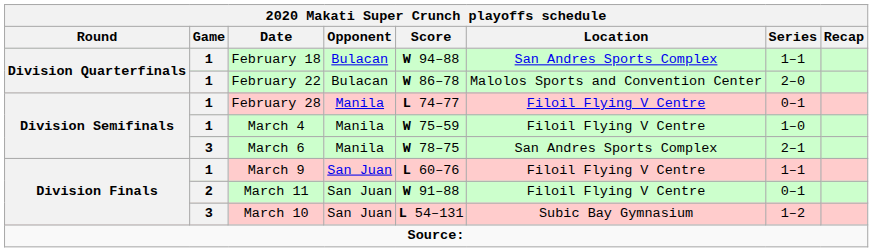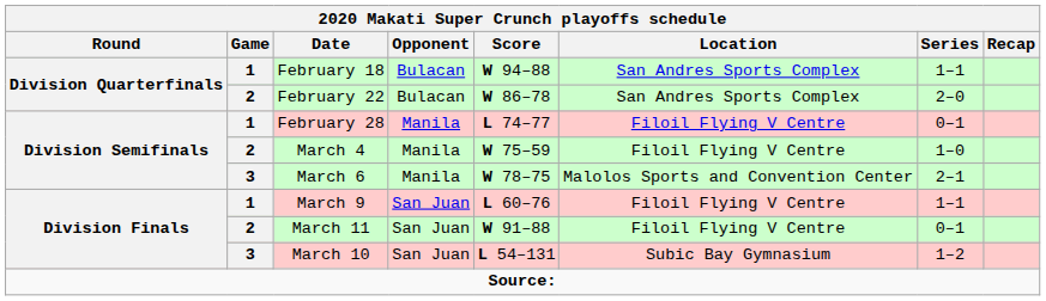 <table class="wikitable" style="text-align:center">
 <tr>
 <th colspan=8>2020 Makati Super Crunch playoffs schedule</th>
 </tr>
 <tr>
 <th>Round</th>
 <th>Game</th>
 <th>Date</th>
 <th>Opponent</th>
 <th>Score</th>
 <th>Location</th>
 <th>Series</th>
 <th>Recap<br></th>
 </tr>
 <tr style="background:#cfc">
 <th rowspan=2>Division Quarterfinals</th>
 <th>1</th>
 <td>February 18</td>
 <td><a href='#'>Bulacan</a></td>
 <td><strong>W</strong> 94–88</td>
 <td><a href='#'>San Andres Sports Complex</a></td>
 <td>1–1</td>
 <td></td>
 </tr>
 <tr style="background:#cfc">
-<th>1</th>
+<th>2</th>
 <td>February 22</td>
 <td>Bulacan</td>
 <td><strong>W</strong> 86–78</td>
-<td>Malolos Sports and Convention Center</td>
+<td>San Andres Sports Complex</td>
 <td>2–0</td>
 <td><br></td>
 </tr>
 <tr style="background:#fcc">
 <th rowspan=3>Division Semifinals</th>
 <th>1</th>
 <td>February 28</td>
 <td><a href='#'>Manila</a></td>
 <td><strong>L</strong> 74–77</td>
 <td><a href='#'>Filoil Flying V Centre</a></td>
 <td>0–1</td>
 <td></td>
 </tr>
 <tr style="background:#cfc">
-<th>1</th>
+<th>2</th>
 <td>March 4</td>
 <td>Manila</td>
 <td><strong>W</strong> 75–59</td>
 <td>Filoil Flying V Centre</td>
 <td>1–0</td>
 <td></td>
 </tr>
 <tr style="background:#cfc">
 <th>3</th>
 <td>March 6</td>
 <td>Manila</td>
 <td><strong>W</strong> 78–75</td>
-<td>San Andres Sports Complex</td>
+<td>Malolos Sports and Convention Center</td>
 <td>2–1</td>
 <td><br></td>
 </tr>
 <tr style="background:#fcc">
 <th rowspan=3>Division Finals</th>
 <th>1</th>
 <td>March 9</td>
 <td><a href='#'>San Juan</a></td>
 <td><strong>L</strong> 60–76</td>
 <td>Filoil Flying V Centre</td>
 <td>1–1</td>
 <td></td>
 </tr>
 <tr style="background:#cfc">
 <th>2</th>
 <td>March 11</td>
 <td>San Juan</td>
 <td><strong>W</strong> 91–88</td>
 <td>Filoil Flying V Centre</td>
 <td>0–1</td>
 <td></td>
 </tr>
 <tr style="background:#fcc">
 <th>3</th>
 <td>March 10</td>
 <td>San Juan</td>
 <td><strong>L</strong> 54–131</td>
 <td>Subic Bay Gymnasium</td>
 <td>1–2</td>
 <td></td>
 </tr>
 <tr>
 <td colspan=8 align=center><strong>Source: </strong></td>
 </tr>
 </table>
